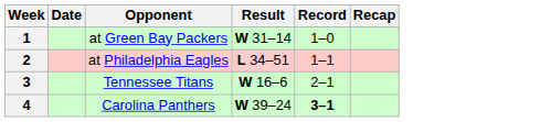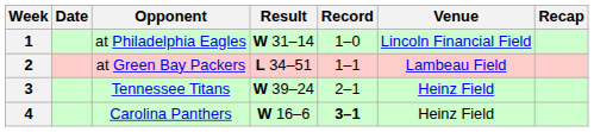 <table class="wikitable" style="text-align:center">
 <tr>
 <th>Week</th>
 <th>Date</th>
 <th>Opponent</th>
 <th>Result</th>
 <th>Record</th>
+<th>Venue</th>
 <th>Recap</th>
 </tr>
 <tr style="background:#cfc">
 <th>1</th>
 <td></td>
-<td>at <a href='#'>Green Bay Packers</a></td>
+<td>at <a href='#'>Philadelphia Eagles</a></td>
 <td><strong>W</strong> 31–14</td>
 <td>1–0</td>
+<td><a href='#'>Lincoln Financial Field</a></td>
 <td></td>
 </tr>
 <tr style="background:#fcc">
 <th>2</th>
 <td></td>
-<td>at <a href='#'>Philadelphia Eagles</a></td>
+<td>at <a href='#'>Green Bay Packers</a></td>
 <td><strong>L</strong> 34–51</td>
 <td>1–1</td>
+<td><a href='#'>Lambeau Field</a></td>
 <td></td>
 </tr>
 <tr style="background:#cfc">
 <th>3</th>
 <td></td>
 <td><a href='#'>Tennessee Titans</a></td>
-<td><strong>W</strong> 16–6</td>
+<td><strong>W</strong> 39–24</td>
 <td>2–1</td>
+<td><a href='#'>Heinz Field</a></td>
 <td></td>
 </tr>
 <tr style="background:#cfc">
 <th>4</th>
 <td></td>
 <td><a href='#'>Carolina Panthers</a></td>
-<td><strong>W</strong> 39–24</td>
+<td><strong>W</strong> 16–6</td>
 <td><strong>3–1</strong></td>
+<td>Heinz Field</td>
 <td></td>
 </tr>
 </table>
